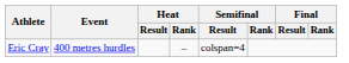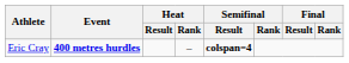 <table class="wikitable" style="font-size:90%">
 <tr>
 <th rowspan="2">Athlete</th>
 <th rowspan="2">Event</th>
 <th colspan="2">Heat</th>
 <th colspan="2">Semifinal</th>
 <th colspan="2">Final</th>
 </tr>
 <tr style="font-size:95%">
 <th>Result</th>
 <th>Rank</th>
 <th>Result</th>
 <th>Rank</th>
 <th>Result</th>
 <th>Rank</th>
 </tr>
 <tr style=text-align:center>
 <td style=text-align:left><a href='#'>Eric Cray</a></td>
-<td style=text-align:left><a href='#'>400 metres hurdles</a></td>
+<td style=text-align:left><strong><a href='#'>400 metres hurdles</a></strong></td>
 <td></td>
 <td>–</td>
-<td>colspan=4 </td>
+<td><strong>colspan=4 </strong></td>
 </tr>
 </table>
